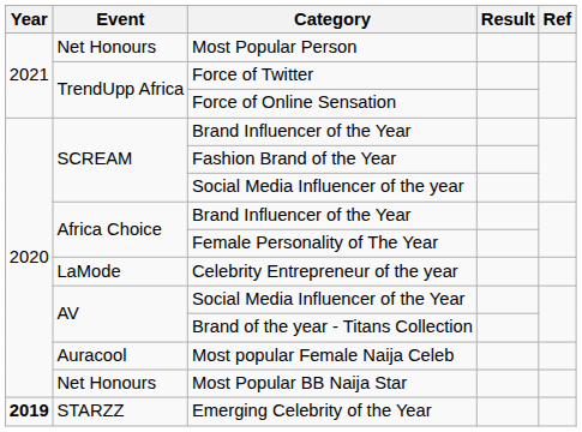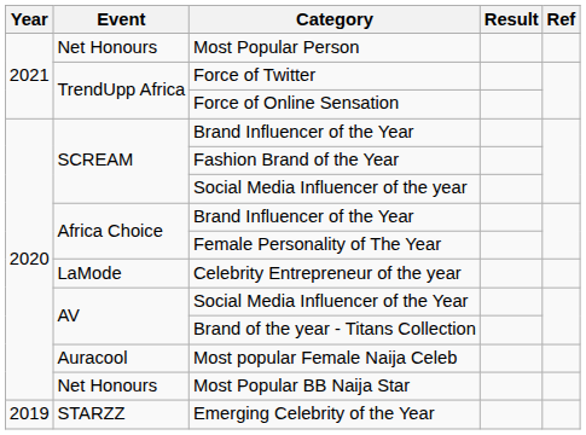 <table class="wikitable">
 <tr>
 <th>Year</th>
 <th>Event</th>
 <th>Category</th>
 <th>Result</th>
 <th>Ref</th>
 </tr>
 <tr>
 <td rowspan="3">2021</td>
 <td>Net Honours</td>
 <td>Most Popular Person</td>
 <td></td>
 <td></td>
 </tr>
 <tr>
 <td rowspan="2">TrendUpp Africa</td>
 <td>Force of Twitter</td>
 <td></td>
 <td rowspan="2"></td>
 </tr>
 <tr>
 <td>Force of Online Sensation</td>
 <td></td>
 </tr>
 <tr>
 <td rowspan="10">2020</td>
 <td rowspan="3">SCREAM</td>
 <td>Brand Influencer of the Year</td>
 <td></td>
 <td rowspan="3"></td>
 </tr>
 <tr>
 <td>Fashion Brand of the Year</td>
 <td></td>
 </tr>
 <tr>
 <td>Social Media Influencer of the year</td>
 <td></td>
 </tr>
 <tr>
 <td rowspan="2">Africa Choice</td>
 <td>Brand Influencer of the Year</td>
 <td></td>
 <td rowspan="2"></td>
 </tr>
 <tr>
 <td>Female Personality of The Year</td>
 <td></td>
 </tr>
 <tr>
 <td>LaMode</td>
 <td>Celebrity Entrepreneur of the year</td>
 <td></td>
 <td></td>
 </tr>
 <tr>
 <td rowspan="2">AV</td>
 <td>Social Media Influencer of the Year</td>
 <td></td>
 <td rowspan="2"></td>
 </tr>
 <tr>
 <td>Brand of the year - Titans Collection</td>
 <td></td>
 </tr>
 <tr>
 <td>Auracool</td>
 <td>Most popular Female Naija Celeb</td>
 <td></td>
 <td></td>
 </tr>
 <tr>
 <td>Net Honours</td>
 <td>Most Popular BB Naija Star</td>
 <td></td>
 <td></td>
 </tr>
 <tr>
-<td><strong>2019</strong></td>
+<td>2019</td>
 <td>STARZZ</td>
 <td>Emerging Celebrity of the Year</td>
 <td></td>
 <td></td>
 </tr>
 </table>
